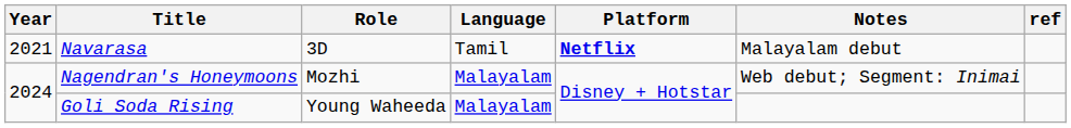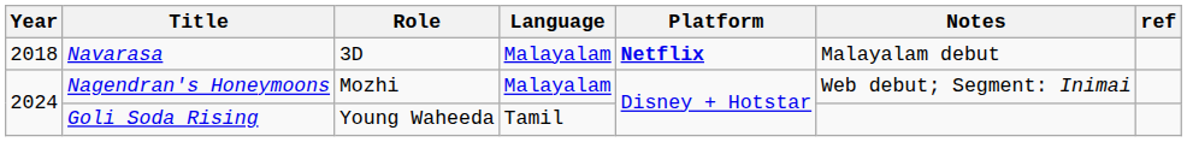 <table class="wikitable">
 <tr>
 <th>Year</th>
 <th>Title</th>
 <th>Role</th>
 <th>Language</th>
 <th>Platform</th>
 <th>Notes</th>
 <th>ref</th>
 </tr>
 <tr>
-<td>2021</td>
+<td>2018</td>
 <td><em><a href='#'>Navarasa</a></em></td>
 <td>3D</td>
-<td>Tamil</td>
+<td><a href='#'> Malayalam</a></td>
 <td><strong><a href='#'>Netflix</a></strong></td>
 <td>Malayalam debut</td>
 <td></td>
 </tr>
 <tr>
 <td rowspan="2">2024</td>
 <td><em><a href='#'>Nagendran's Honeymoons</a></em></td>
 <td>Mozhi</td>
 <td><a href='#'> Malayalam</a></td>
 <td rowspan="2"><a href='#'>Disney + Hotstar</a></td>
 <td>Web debut; Segment: <em>Inimai</em></td>
 <td></td>
 </tr>
 <tr>
 <td><em><a href='#'>Goli Soda Rising </a></em></td>
 <td>Young Waheeda</td>
-<td><a href='#'> Malayalam</a></td>
+<td>Tamil</td>
 <td></td>
 <td></td>
 </tr>
 </table>
